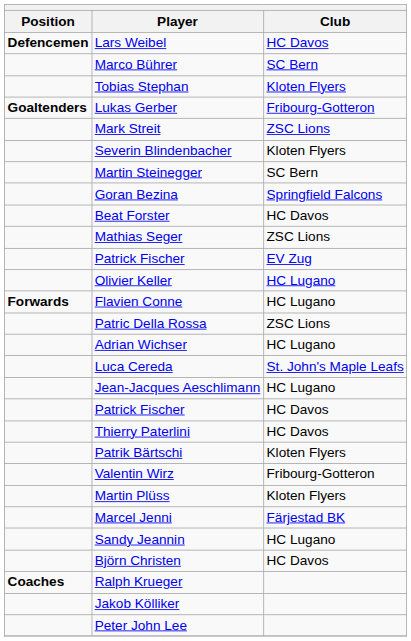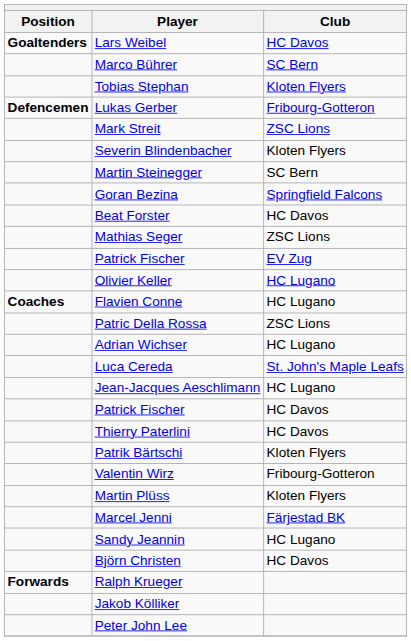 <table class=wikitable>
 <tr>
 <th colspan="7"></th>
 </tr>
 <tr>
 <th>Position</th>
 <th>Player</th>
 <th>Club</th>
 </tr>
 <tr>
-<td><strong>Defencemen</strong></td>
+<td><strong>Goaltenders</strong></td>
 <td><a href='#'>Lars Weibel</a></td>
 <td><a href='#'>HC Davos</a></td>
 </tr>
 <tr>
 <td></td>
 <td><a href='#'>Marco Bührer</a></td>
 <td><a href='#'>SC Bern</a></td>
 </tr>
 <tr>
 <td></td>
 <td><a href='#'>Tobias Stephan</a></td>
 <td><a href='#'>Kloten Flyers</a></td>
 </tr>
 <tr>
-<td><strong>Goaltenders</strong></td>
+<td><strong>Defencemen</strong></td>
 <td><a href='#'>Lukas Gerber</a></td>
 <td><a href='#'>Fribourg-Gotteron</a></td>
 </tr>
 <tr>
 <td></td>
 <td><a href='#'>Mark Streit</a></td>
 <td><a href='#'>ZSC Lions</a></td>
 </tr>
 <tr>
 <td></td>
 <td><a href='#'>Severin Blindenbacher</a></td>
 <td>Kloten Flyers</td>
 </tr>
 <tr>
 <td></td>
 <td><a href='#'>Martin Steinegger</a></td>
 <td>SC Bern</td>
 </tr>
 <tr>
 <td></td>
 <td><a href='#'>Goran Bezina</a></td>
 <td><a href='#'>Springfield Falcons</a></td>
 </tr>
 <tr>
 <td></td>
 <td><a href='#'>Beat Forster</a></td>
 <td>HC Davos</td>
 </tr>
 <tr>
 <td></td>
 <td><a href='#'>Mathias Seger</a></td>
 <td>ZSC Lions</td>
 </tr>
 <tr>
 <td></td>
 <td><a href='#'>Patrick Fischer</a></td>
 <td><a href='#'>EV Zug</a></td>
 </tr>
 <tr>
 <td></td>
 <td><a href='#'>Olivier Keller</a></td>
 <td><a href='#'>HC Lugano</a></td>
 </tr>
 <tr>
-<td><strong>Forwards</strong></td>
+<td><strong>Coaches</strong></td>
 <td><a href='#'>Flavien Conne</a></td>
 <td>HC Lugano</td>
 </tr>
 <tr>
 <td></td>
 <td><a href='#'>Patric Della Rossa</a></td>
 <td>ZSC Lions</td>
 </tr>
 <tr>
 <td></td>
 <td><a href='#'>Adrian Wichser</a></td>
 <td>HC Lugano</td>
 </tr>
 <tr>
 <td></td>
 <td><a href='#'>Luca Cereda</a></td>
 <td><a href='#'>St. John's Maple Leafs</a></td>
 </tr>
 <tr>
 <td></td>
 <td><a href='#'>Jean-Jacques Aeschlimann</a></td>
 <td>HC Lugano</td>
 </tr>
 <tr>
 <td></td>
 <td><a href='#'>Patrick Fischer</a></td>
 <td>HC Davos</td>
 </tr>
 <tr>
 <td></td>
 <td><a href='#'>Thierry Paterlini</a></td>
 <td>HC Davos</td>
 </tr>
 <tr>
 <td></td>
 <td><a href='#'>Patrik Bärtschi</a></td>
 <td>Kloten Flyers</td>
 </tr>
 <tr>
 <td></td>
 <td><a href='#'>Valentin Wirz</a></td>
 <td>Fribourg-Gotteron</td>
 </tr>
 <tr>
 <td></td>
 <td><a href='#'>Martin Plüss</a></td>
 <td>Kloten Flyers</td>
 </tr>
 <tr>
 <td></td>
 <td><a href='#'>Marcel Jenni</a></td>
 <td><a href='#'>Färjestad BK</a></td>
 </tr>
 <tr>
 <td></td>
 <td><a href='#'>Sandy Jeannin</a></td>
 <td>HC Lugano</td>
 </tr>
 <tr>
 <td></td>
 <td><a href='#'>Björn Christen</a></td>
 <td>HC Davos</td>
 </tr>
 <tr>
-<td><strong>Coaches</strong></td>
+<td><strong>Forwards</strong></td>
 <td><a href='#'>Ralph Krueger</a></td>
 <td></td>
 </tr>
 <tr>
 <td></td>
 <td><a href='#'>Jakob Kölliker</a></td>
 <td></td>
 </tr>
 <tr>
 <td></td>
 <td><a href='#'>Peter John Lee</a></td>
 <td></td>
 </tr>
 <tr>
 </tr>
 </table>
